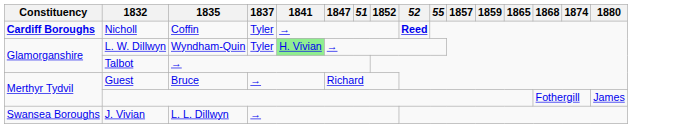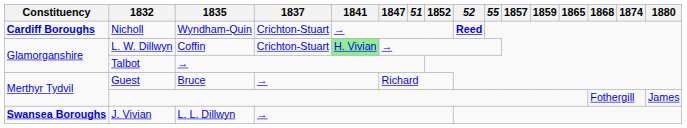 <table class="wikitable">
 <tr>
 <th>Constituency</th>
 <th>1832</th>
 <th>1835</th>
 <th>1837</th>
 <th>1841</th>
 <th>1847</th>
 <th><em>51</em></th>
 <th>1852</th>
 <th><em>52</em></th>
 <th><em>55</em></th>
 <th>1857</th>
 <th>1859</th>
 <th>1865</th>
 <th>1868</th>
 <th>1874</th>
 <th>1880</th>
 </tr>
 <tr>
 <td><strong><a href='#'>Cardiff Boroughs</a></strong></td>
 <td><a href='#'>Nicholl</a></td>
-<td><a href='#'>Coffin</a></td>
-<td><a href='#'>Tyler</a></td>
+<td><a href='#'>Wyndham-Quin</a></td>
+<td><a href='#'>Crichton-Stuart</a></td>
 <td colspan="4"><a href='#'>→</a></td>
 <td><strong><a href='#'>Reed</a></strong></td>
 </tr>
 <tr>
 <td rowspan="2"><a href='#'>Glamorganshire</a></td>
 <td><a href='#'>L. W. Dillwyn</a></td>
-<td><a href='#'>Wyndham-Quin</a></td>
-<td><a href='#'>Tyler</a></td>
+<td><a href='#'>Coffin</a></td>
+<td><a href='#'>Crichton-Stuart</a></td>
 <td style="background: lightgreen;"><a href='#'>H. Vivian</a></td>
 <td colspan="5"><a href='#'>→</a></td>
 </tr>
 <tr>
 <td><a href='#'>Talbot</a></td>
 <td colspan="5"><a href='#'>→</a></td>
 </tr>
 <tr>
 <td rowspan="2"><a href='#'>Merthyr Tydvil</a></td>
 <td><a href='#'>Guest</a></td>
 <td><a href='#'>Bruce</a></td>
 <td colspan="2"><a href='#'>→</a></td>
 <td colspan="3"><a href='#'>Richard</a></td>
 </tr>
 <tr>
 <td colspan="12"></td>
 <td colspan="2"><a href='#'>Fothergill</a></td>
 <td><a href='#'>James</a></td>
 </tr>
 <tr>
-<td><a href='#'>Swansea Boroughs</a></td>
+<td><strong><a href='#'>Swansea Boroughs</a></strong></td>
 <td><a href='#'>J. Vivian</a></td>
 <td><a href='#'>L. L. Dillwyn</a></td>
 <td colspan="5"><a href='#'>→</a></td>
 </tr>
 </table>
